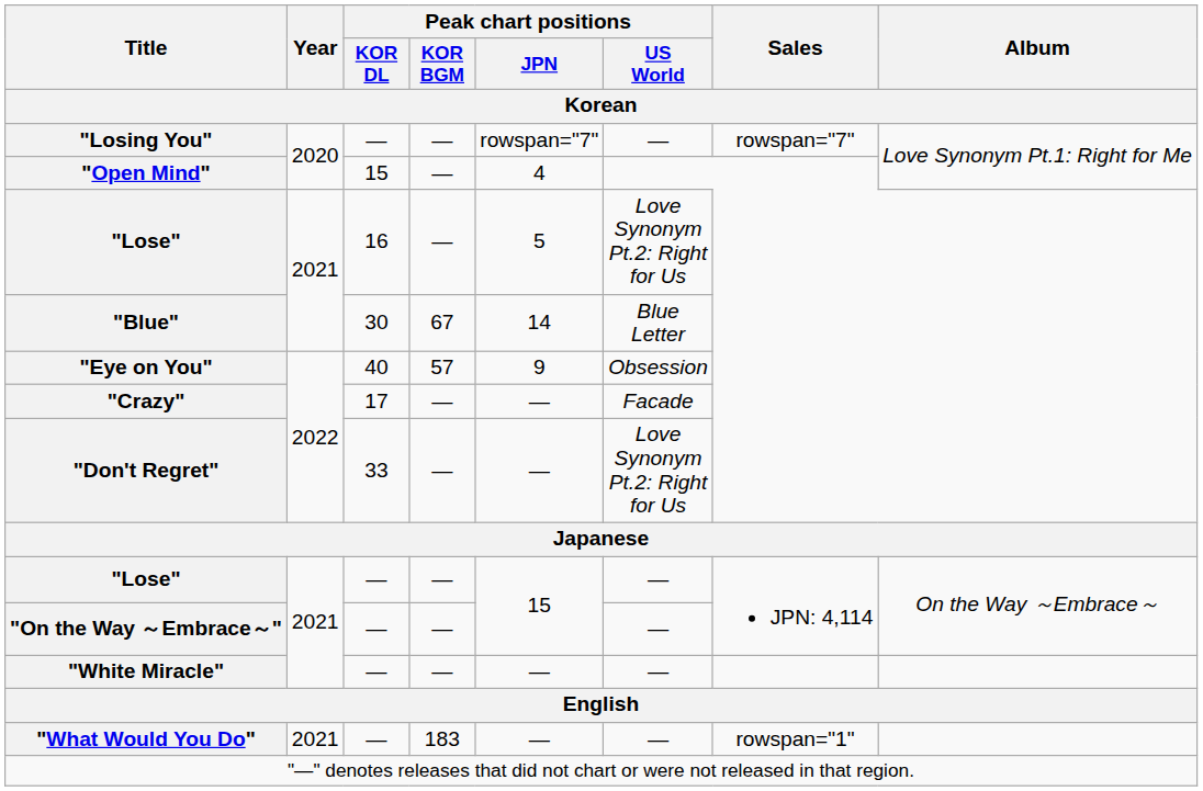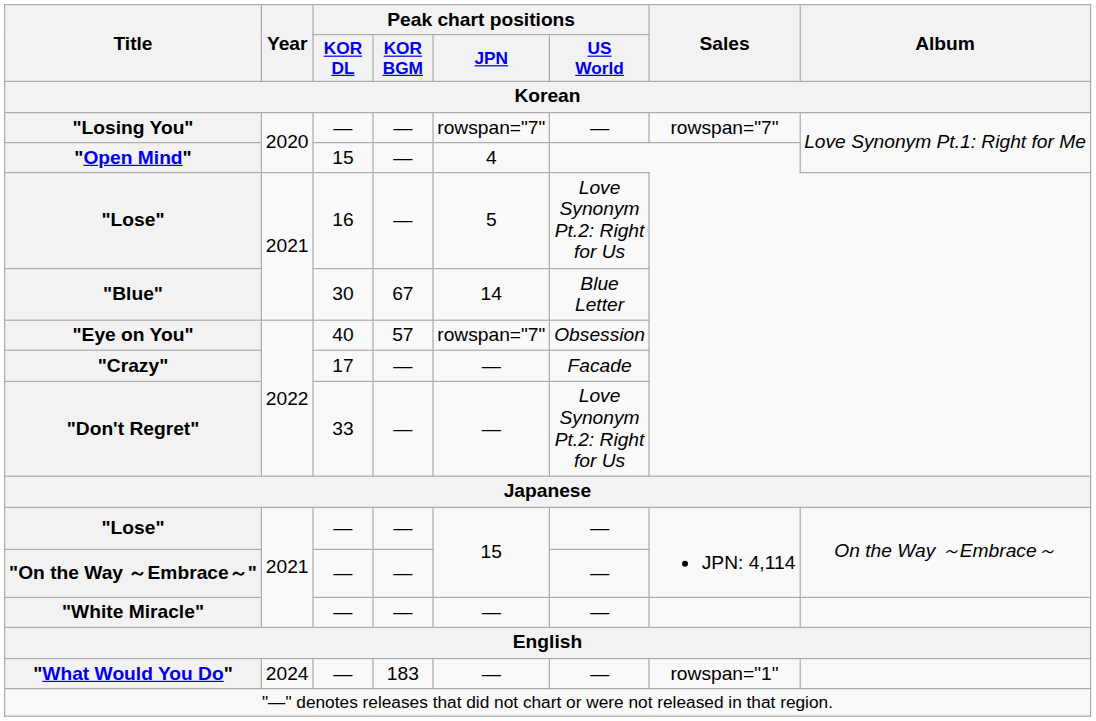 <table class="wikitable plainrowheaders" style="text-align:center">
 <tr>
 <th scope="col" rowspan="2">Title</th>
 <th scope="col" rowspan="2">Year</th>
 <th scope="col" colspan="4">Peak chart positions</th>
 <th scope="col" rowspan="2">Sales</th>
 <th scope="col" rowspan="2">Album</th>
 </tr>
 <tr>
 <th scope="col" style="width:3em;font-size:90%"><a href='#'>KOR<br>DL</a><br></th>
 <th scope="col" style="width:3em;font-size:90%"><a href='#'>KOR<br>BGM</a><br></th>
 <th scope="col" style="width:3em;font-size:90%"><a href='#'>JPN</a><br></th>
 <th scope="col" style="width:3em;font-size:90%"><a href='#'>US<br>World</a><br></th>
 </tr>
 <tr>
 <th colspan="8">Korean</th>
 </tr>
 <tr>
 <th scope="row">"Losing You"</th>
 <td rowspan="2">2020</td>
 <td>—</td>
 <td>—</td>
 <td>rowspan="7" </td>
 <td>—</td>
 <td>rowspan="7" </td>
 <td rowspan="2"><em>Love Synonym Pt.1: Right for Me</em></td>
 </tr>
 <tr>
 <th scope="row">"<a href='#'>Open Mind</a>"</th>
 <td>15</td>
 <td>—</td>
 <td>4</td>
 </tr>
 <tr>
 <th scope="row">"Lose"</th>
 <td rowspan="2">2021</td>
 <td>16</td>
 <td>—</td>
 <td>5</td>
 <td><em>Love Synonym Pt.2: Right for Us</em></td>
 </tr>
 <tr>
 <th scope="row">"Blue"</th>
 <td>30</td>
 <td>67</td>
 <td>14</td>
 <td><em>Blue Letter</em></td>
 </tr>
 <tr>
 <th scope="row">"Eye on You"</th>
 <td rowspan="3">2022</td>
 <td>40</td>
 <td>57</td>
-<td>9</td>
+<td>rowspan="7" </td>
 <td><em>Obsession</em></td>
 </tr>
 <tr>
 <th scope="row">"Crazy"</th>
 <td>17</td>
 <td>—</td>
 <td>—</td>
 <td><em>Facade</em></td>
 </tr>
 <tr>
 <th scope="row">"Don't Regret"</th>
 <td>33</td>
 <td>—</td>
 <td>—</td>
 <td><em>Love Synonym Pt.2: Right for Us</em></td>
 </tr>
 <tr>
 <th colspan="8">Japanese</th>
 </tr>
 <tr>
 <th scope="row">"Lose"</th>
 <td rowspan="3">2021</td>
 <td>—</td>
 <td>—</td>
 <td rowspan="2">15</td>
 <td>—</td>
 <td rowspan="2"><br><ul><li>JPN: 4,114 </li></ul></td>
 <td rowspan="2"><em>On the Way ～Embrace～</em></td>
 </tr>
 <tr>
 <th scope="row">"On the Way ～Embrace～"</th>
 <td>—</td>
 <td>—</td>
 <td>—</td>
 </tr>
 <tr>
 <th scope="row">"White Miracle"</th>
 <td>—</td>
 <td>—</td>
 <td>—</td>
 <td>—</td>
 <td></td>
 <td></td>
 </tr>
 <tr>
 <th colspan="8">English</th>
 </tr>
 <tr>
 <th scope="row">"<a href='#'>What Would You Do</a>"</th>
-<td>2021</td>
+<td>2024</td>
 <td>—</td>
 <td>183</td>
 <td>—</td>
 <td>—</td>
 <td>rowspan="1" </td>
 <td></td>
 </tr>
 <tr>
 <td colspan="8" style="font-size:90%">"—" denotes releases that did not chart or were not released in that region.</td>
 </tr>
 </table>
